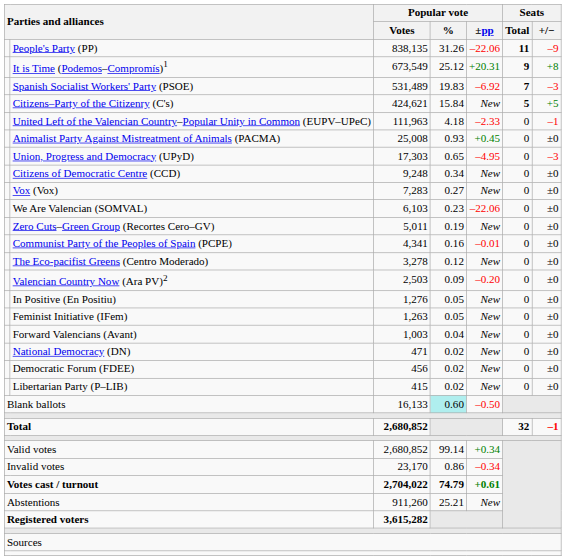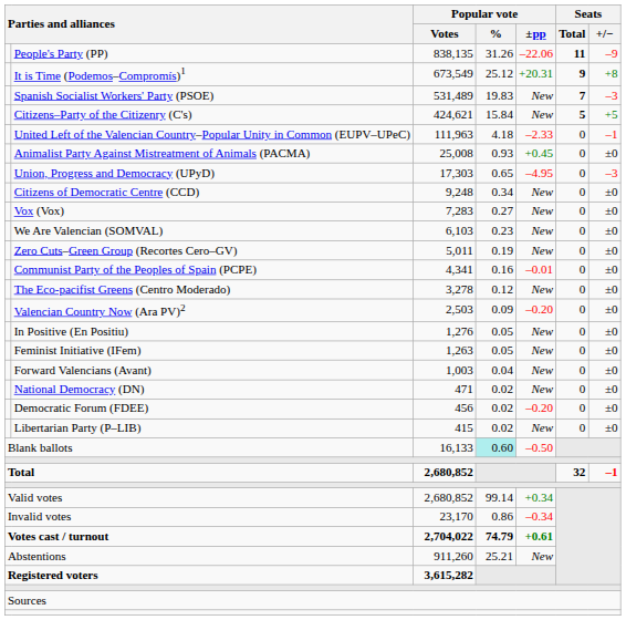 <table class="wikitable" style="text-align:right;">
 <tr>
 <th style="text-align:left;" rowspan="2" colspan="2" width="525">Parties and alliances</th>
 <th colspan="3">Popular vote</th>
 <th colspan="2">Seats</th>
 </tr>
 <tr>
 <th width="75">Votes</th>
 <th width="45">%</th>
 <th width="45">±<a href='#'>pp</a></th>
 <th width="35">Total</th>
 <th width="35">+/−</th>
 </tr>
 <tr>
 <td width="1" style="color:inherit;background:"></td>
 <td align="left"><a href='#'>People's Party</a> (PP)</td>
 <td>838,135</td>
 <td>31.26</td>
 <td style="color:red;">–22.06</td>
 <td><strong>11</strong></td>
 <td style="color:red;">–9</td>
 </tr>
 <tr>
 <td style="color:inherit;background:"></td>
 <td align="left"><a href='#'>It is Time</a> (<a href='#'>Podemos</a>–<a href='#'>Compromís</a>)<sup>1</sup></td>
 <td>673,549</td>
 <td>25.12</td>
 <td style="color:green;">+20.31</td>
 <td><strong>9</strong></td>
 <td style="color:green;">+8</td>
 </tr>
 <tr>
 <td style="color:inherit;background:"></td>
 <td align="left"><a href='#'>Spanish Socialist Workers' Party</a> (PSOE)</td>
 <td>531,489</td>
 <td>19.83</td>
-<td style="color:red;">–6.92</td>
+<td><em>New</em></td>
 <td><strong>7</strong></td>
 <td style="color:red;">–3</td>
 </tr>
 <tr>
 <td style="color:inherit;background:"></td>
 <td align="left"><a href='#'>Citizens–Party of the Citizenry</a> (C's)</td>
 <td>424,621</td>
 <td>15.84</td>
 <td><em>New</em></td>
 <td><strong>5</strong></td>
 <td style="color:green;">+5</td>
 </tr>
 <tr>
 <td style="color:inherit;background:"></td>
 <td align="left"><a href='#'>United Left of the Valencian Country</a>–<a href='#'>Popular Unity in Common</a> (EUPV–UPeC)</td>
 <td>111,963</td>
 <td>4.18</td>
 <td style="color:red;">–2.33</td>
 <td>0</td>
 <td style="color:red;">–1</td>
 </tr>
 <tr>
 <td style="color:inherit;background:"></td>
 <td align="left"><a href='#'>Animalist Party Against Mistreatment of Animals</a> (PACMA)</td>
 <td>25,008</td>
 <td>0.93</td>
 <td style="color:green;">+0.45</td>
 <td>0</td>
 <td>±0</td>
 </tr>
 <tr>
 <td style="color:inherit;background:"></td>
 <td align="left"><a href='#'>Union, Progress and Democracy</a> (UPyD)</td>
 <td>17,303</td>
 <td>0.65</td>
 <td style="color:red;">–4.95</td>
 <td>0</td>
 <td style="color:red;">–3</td>
 </tr>
 <tr>
 <td style="color:inherit;background:"></td>
 <td align="left"><a href='#'>Citizens of Democratic Centre</a> (CCD)</td>
 <td>9,248</td>
 <td>0.34</td>
 <td><em>New</em></td>
 <td>0</td>
 <td>±0</td>
 </tr>
 <tr>
 <td style="color:inherit;background:"></td>
 <td align="left"><a href='#'>Vox</a> (Vox)</td>
 <td>7,283</td>
 <td>0.27</td>
 <td><em>New</em></td>
 <td>0</td>
 <td>±0</td>
 </tr>
 <tr>
 <td style="color:inherit;background:"></td>
 <td align="left">We Are Valencian (SOMVAL)</td>
 <td>6,103</td>
 <td>0.23</td>
-<td style="color:red;">–22.06</td>
+<td><em>New</em></td>
 <td>0</td>
 <td>±0</td>
 </tr>
 <tr>
 <td style="color:inherit;background:"></td>
 <td align="left"><a href='#'>Zero Cuts</a>–<a href='#'>Green Group</a> (Recortes Cero–GV)</td>
 <td>5,011</td>
 <td>0.19</td>
 <td><em>New</em></td>
 <td>0</td>
 <td>±0</td>
 </tr>
 <tr>
 <td style="color:inherit;background:"></td>
 <td align="left"><a href='#'>Communist Party of the Peoples of Spain</a> (PCPE)</td>
 <td>4,341</td>
 <td>0.16</td>
 <td style="color:red;">–0.01</td>
 <td>0</td>
 <td>±0</td>
 </tr>
 <tr>
 <td style="color:inherit;background:"></td>
 <td align="left"><a href='#'>The Eco-pacifist Greens</a> (Centro Moderado)</td>
 <td>3,278</td>
 <td>0.12</td>
 <td><em>New</em></td>
 <td>0</td>
 <td>±0</td>
 </tr>
 <tr>
 <td style="color:inherit;background:"></td>
 <td align="left"><a href='#'>Valencian Country Now</a> (Ara PV)<sup>2</sup></td>
 <td>2,503</td>
 <td>0.09</td>
 <td style="color:red;">–0.20</td>
 <td>0</td>
 <td>±0</td>
 </tr>
 <tr>
 <td style="color:inherit;background:"></td>
 <td align="left">In Positive (En Positiu)</td>
 <td>1,276</td>
 <td>0.05</td>
 <td><em>New</em></td>
 <td>0</td>
 <td>±0</td>
 </tr>
 <tr>
 <td style="color:inherit;background:"></td>
 <td align="left">Feminist Initiative (IFem)</td>
 <td>1,263</td>
 <td>0.05</td>
 <td><em>New</em></td>
 <td>0</td>
 <td>±0</td>
 </tr>
 <tr>
 <td style="color:inherit;background:"></td>
 <td align="left">Forward Valencians (Avant)</td>
 <td>1,003</td>
 <td>0.04</td>
 <td><em>New</em></td>
 <td>0</td>
 <td>±0</td>
 </tr>
 <tr>
 <td style="color:inherit;background:"></td>
 <td align="left"><a href='#'>National Democracy</a> (DN)</td>
 <td>471</td>
 <td>0.02</td>
 <td><em>New</em></td>
 <td>0</td>
 <td>±0</td>
 </tr>
 <tr>
 <td style="color:inherit;background:"></td>
 <td align="left">Democratic Forum (FDEE)</td>
 <td>456</td>
 <td>0.02</td>
-<td><em>New</em></td>
+<td style="color:red;">–0.20</td>
 <td>0</td>
 <td>±0</td>
 </tr>
 <tr>
 <td style="color:inherit;background:"></td>
 <td align="left">Libertarian Party (P–LIB)</td>
 <td>415</td>
 <td>0.02</td>
 <td><em>New</em></td>
 <td>0</td>
 <td>±0</td>
 </tr>
 <tr>
 <td align="left" colspan="2">Blank ballots</td>
 <td>16,133</td>
 <td style="background: paleturquoise;">0.60</td>
 <td style="color:red;">–0.50</td>
 <td bgcolor="#E9E9E9" colspan="2"></td>
 </tr>
 <tr>
 <td colspan="7" bgcolor="#E9E9E9"></td>
 </tr>
 <tr style="font-weight:bold;">
 <td align="left" colspan="2">Total</td>
 <td>2,680,852</td>
 <td bgcolor="#E9E9E9" colspan="2"></td>
 <td>32</td>
 <td style="color:red;">–1</td>
 </tr>
 <tr>
 <td colspan="7" bgcolor="#E9E9E9"></td>
 </tr>
 <tr>
 <td align="left" colspan="2">Valid votes</td>
 <td>2,680,852</td>
 <td>99.14</td>
 <td style="color:green;">+0.34</td>
 <td bgcolor="#E9E9E9" colspan="2" rowspan="5"></td>
 </tr>
 <tr>
 <td align="left" colspan="2">Invalid votes</td>
 <td>23,170</td>
 <td>0.86</td>
 <td style="color:red;">–0.34</td>
 </tr>
 <tr style="font-weight:bold;">
 <td align="left" colspan="2">Votes cast / turnout</td>
 <td>2,704,022</td>
 <td>74.79</td>
 <td style="color:green;">+0.61</td>
 </tr>
 <tr>
 <td align="left" colspan="2">Abstentions</td>
 <td>911,260</td>
 <td>25.21</td>
 <td><em>New</em></td>
 </tr>
 <tr style="font-weight:bold;">
 <td align="left" colspan="2">Registered voters</td>
 <td>3,615,282</td>
 <td bgcolor="#E9E9E9" colspan="2"></td>
 </tr>
 <tr>
 <td colspan="7" bgcolor="#E9E9E9"></td>
 </tr>
 <tr>
 <td align="left" colspan="7">Sources</td>
 </tr>
 <tr>
 <td colspan="7" style="text-align:left; max-width:790px;"></td>
 </tr>
 </table>
